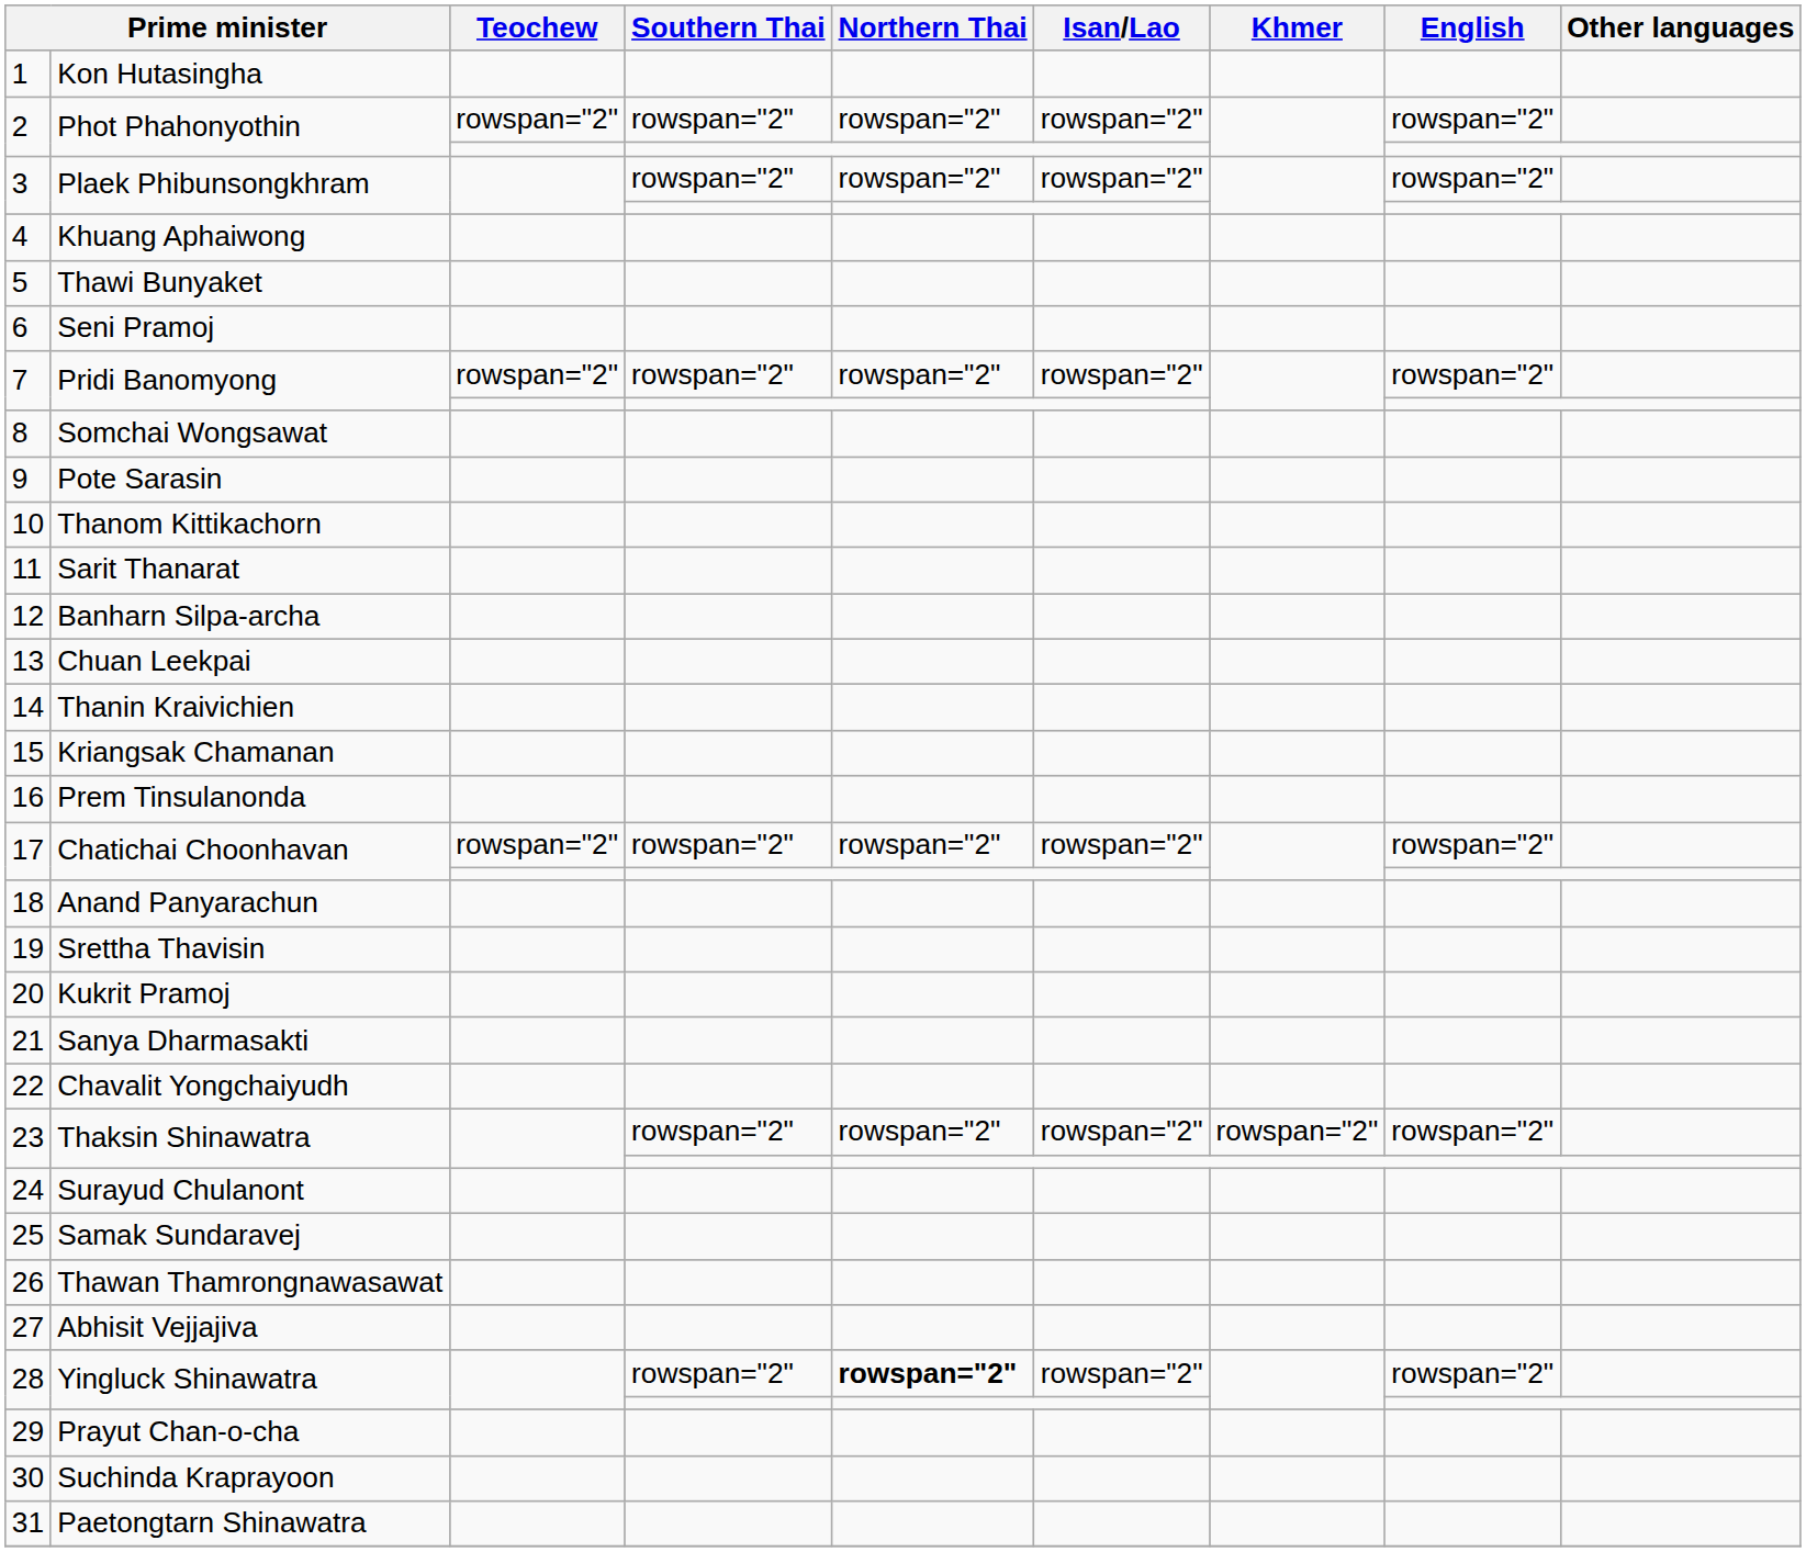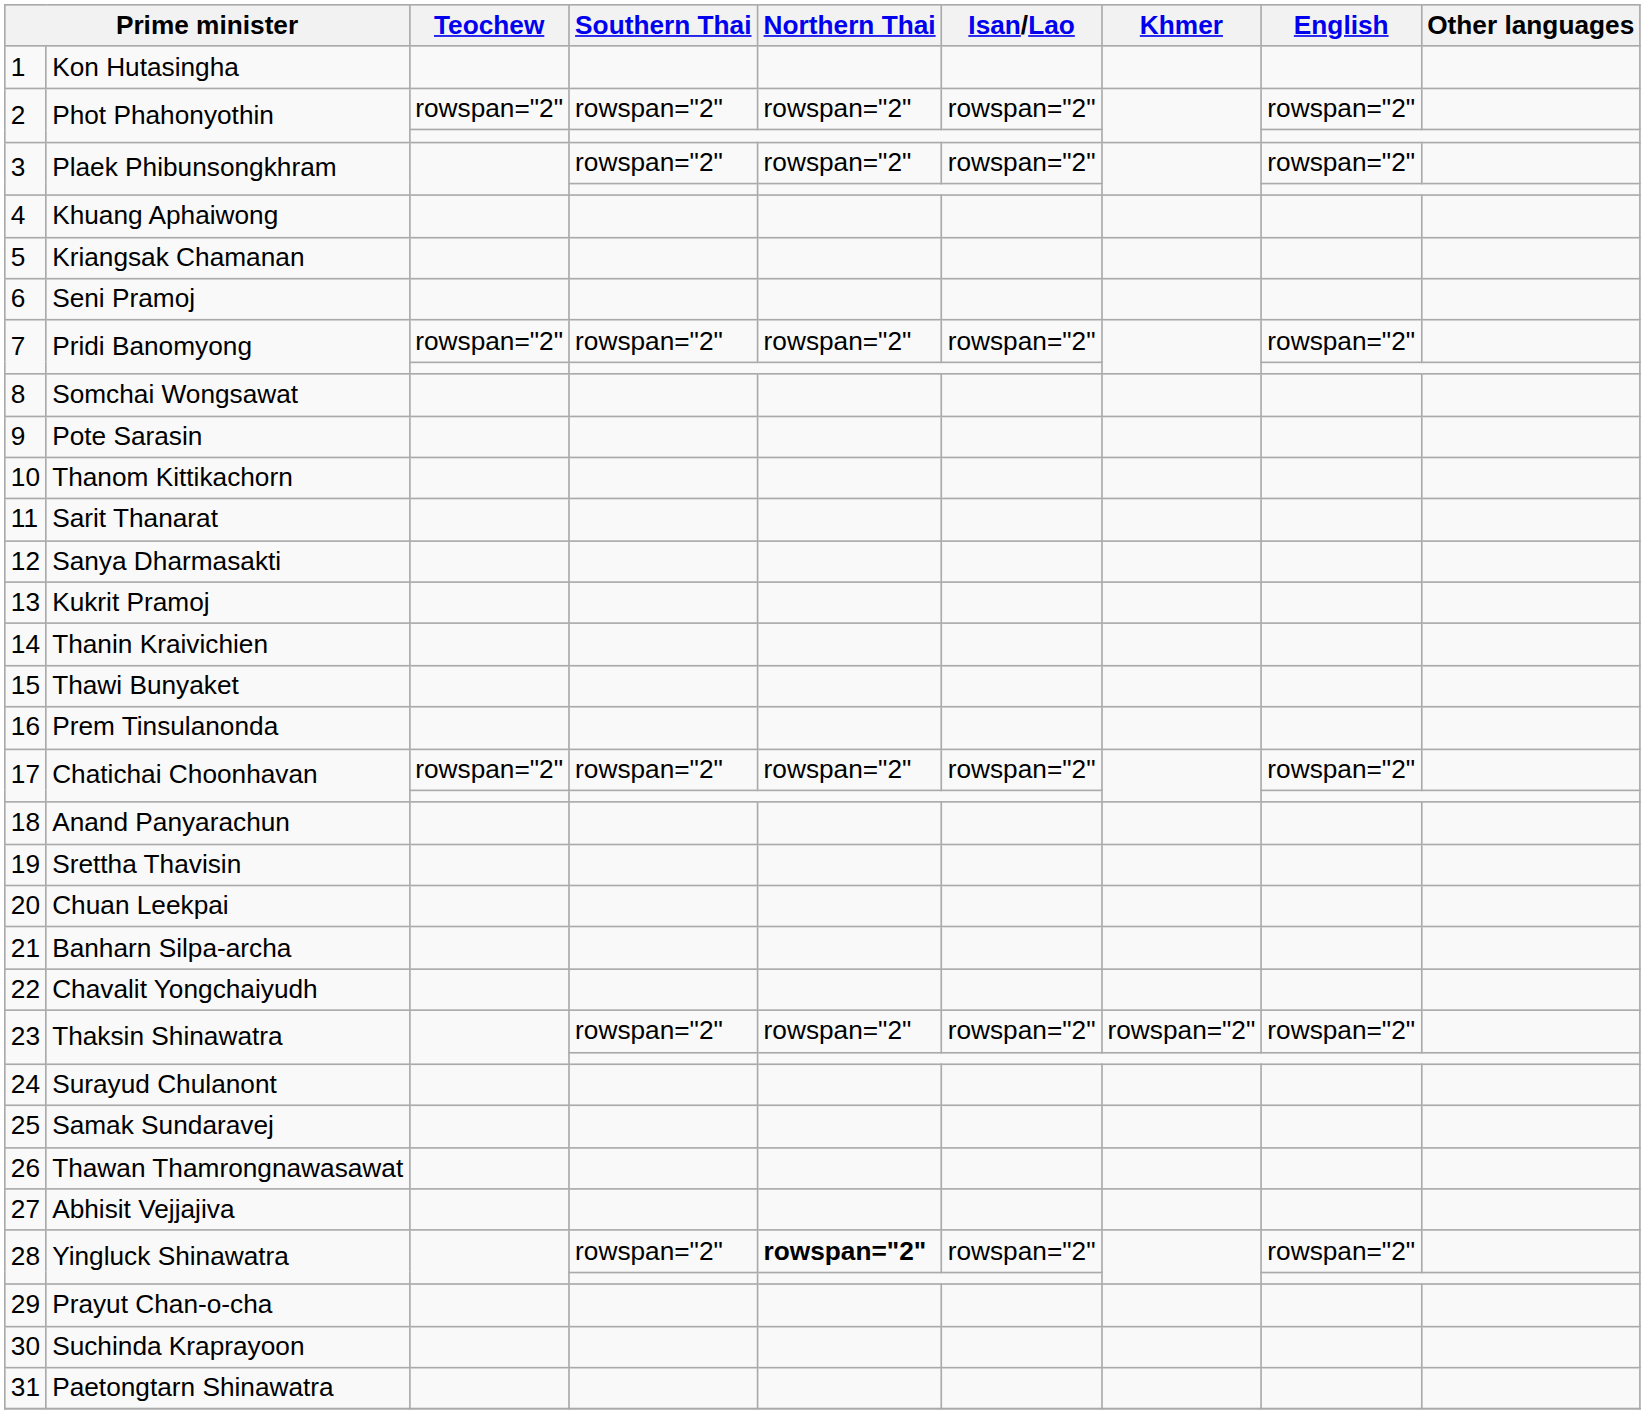 <table class="wikitable sortable">
 <tr>
 <th colspan=2>Prime minister</th>
 <th><a href='#'>Teochew</a></th>
 <th><a href='#'>Southern Thai</a></th>
 <th><a href='#'>Northern Thai</a></th>
 <th><a href='#'>Isan</a>/<a href='#'>Lao</a></th>
 <th><a href='#'>Khmer</a></th>
 <th><a href='#'>English</a></th>
 <th>Other languages</th>
 </tr>
 <tr>
 <td>1</td>
 <td>Kon Hutasingha</td>
 <td></td>
 <td></td>
 <td></td>
 <td></td>
 <td></td>
 <td></td>
 <td></td>
 </tr>
 <tr>
 <td rowspan="2">2</td>
 <td rowspan="2">Phot Phahonyothin</td>
 <td>rowspan="2" </td>
 <td>rowspan="2" </td>
 <td>rowspan="2" </td>
 <td>rowspan="2" </td>
 <td rowspan="2"></td>
 <td>rowspan="2" </td>
 <td></td>
 </tr>
 <tr>
 <td></td>
 </tr>
 <tr>
 <td rowspan="2">3</td>
 <td rowspan="2">Plaek Phibunsongkhram</td>
 <td rowspan="2"></td>
 <td>rowspan="2" </td>
 <td>rowspan="2" </td>
 <td>rowspan="2" </td>
 <td rowspan="2"></td>
 <td>rowspan="2" </td>
 <td></td>
 </tr>
 <tr>
 <td></td>
 </tr>
 <tr>
 <td>4</td>
 <td>Khuang Aphaiwong</td>
 <td></td>
 <td></td>
 <td></td>
 <td></td>
 <td></td>
 <td></td>
 <td></td>
 </tr>
 <tr>
 <td>5</td>
-<td>Thawi Bunyaket</td>
+<td>Kriangsak Chamanan</td>
 <td></td>
 <td></td>
 <td></td>
 <td></td>
 <td></td>
 <td></td>
 <td></td>
 </tr>
 <tr>
 <td>6</td>
 <td>Seni Pramoj</td>
 <td></td>
 <td></td>
 <td></td>
 <td></td>
 <td></td>
 <td></td>
 <td></td>
 </tr>
 <tr>
 <td rowspan="2">7</td>
 <td rowspan="2">Pridi Banomyong</td>
 <td>rowspan="2" </td>
 <td>rowspan="2" </td>
 <td>rowspan="2" </td>
 <td>rowspan="2" </td>
 <td rowspan="2"></td>
 <td>rowspan="2" </td>
 <td></td>
 </tr>
 <tr>
 <td></td>
 </tr>
 <tr>
 <td>8</td>
 <td>Somchai Wongsawat</td>
 <td></td>
 <td></td>
 <td></td>
 <td></td>
 <td></td>
 <td></td>
 <td></td>
 </tr>
 <tr>
 <td>9</td>
 <td>Pote Sarasin</td>
 <td></td>
 <td></td>
 <td></td>
 <td></td>
 <td></td>
 <td></td>
 <td></td>
 </tr>
 <tr>
 <td>10</td>
 <td>Thanom Kittikachorn</td>
 <td></td>
 <td></td>
 <td></td>
 <td></td>
 <td></td>
 <td></td>
 <td></td>
 </tr>
 <tr>
 <td>11</td>
 <td>Sarit Thanarat</td>
 <td></td>
 <td></td>
 <td></td>
 <td></td>
 <td></td>
 <td></td>
 <td></td>
 </tr>
 <tr>
 <td>12</td>
-<td>Banharn Silpa-archa</td>
+<td>Sanya Dharmasakti</td>
 <td></td>
 <td></td>
 <td></td>
 <td></td>
 <td></td>
 <td></td>
 <td></td>
 </tr>
 <tr>
 <td>13</td>
-<td>Chuan Leekpai</td>
+<td>Kukrit Pramoj</td>
 <td></td>
 <td></td>
 <td></td>
 <td></td>
 <td></td>
 <td></td>
 <td></td>
 </tr>
 <tr>
 <td>14</td>
 <td>Thanin Kraivichien</td>
 <td></td>
 <td></td>
 <td></td>
 <td></td>
 <td></td>
 <td></td>
 <td></td>
 </tr>
 <tr>
 <td>15</td>
-<td>Kriangsak Chamanan</td>
+<td>Thawi Bunyaket</td>
 <td></td>
 <td></td>
 <td></td>
 <td></td>
 <td></td>
 <td></td>
 <td></td>
 </tr>
 <tr>
 <td>16</td>
 <td>Prem Tinsulanonda</td>
 <td></td>
 <td></td>
 <td></td>
 <td></td>
 <td></td>
 <td></td>
 <td></td>
 </tr>
 <tr>
 <td rowspan="2">17</td>
 <td rowspan="2">Chatichai Choonhavan</td>
 <td>rowspan="2" </td>
 <td>rowspan="2" </td>
 <td>rowspan="2" </td>
 <td>rowspan="2" </td>
 <td rowspan="2"></td>
 <td>rowspan="2" </td>
 <td></td>
 </tr>
 <tr>
 <td></td>
 </tr>
 <tr>
 <td>18</td>
 <td>Anand Panyarachun</td>
 <td></td>
 <td></td>
 <td></td>
 <td></td>
 <td></td>
 <td></td>
 <td></td>
 </tr>
 <tr>
 <td>19</td>
 <td>Srettha Thavisin</td>
 <td></td>
 <td></td>
 <td></td>
 <td></td>
 <td></td>
 <td></td>
 <td></td>
 </tr>
 <tr>
 <td>20</td>
-<td>Kukrit Pramoj</td>
+<td>Chuan Leekpai</td>
 <td></td>
 <td></td>
 <td></td>
 <td></td>
 <td></td>
 <td></td>
 <td></td>
 </tr>
 <tr>
 <td>21</td>
-<td>Sanya Dharmasakti</td>
+<td>Banharn Silpa-archa</td>
 <td></td>
 <td></td>
 <td></td>
 <td></td>
 <td></td>
 <td></td>
 <td></td>
 </tr>
 <tr>
 <td>22</td>
 <td>Chavalit Yongchaiyudh</td>
 <td></td>
 <td></td>
 <td></td>
 <td></td>
 <td></td>
 <td></td>
 <td></td>
 </tr>
 <tr>
 <td rowspan="2">23</td>
 <td rowspan="2">Thaksin Shinawatra</td>
 <td rowspan="2"></td>
 <td>rowspan="2" </td>
 <td>rowspan="2" </td>
 <td>rowspan="2" </td>
 <td>rowspan="2" </td>
 <td>rowspan="2" </td>
 <td></td>
 </tr>
 <tr>
 <td></td>
 </tr>
 <tr>
 <td>24</td>
 <td>Surayud Chulanont</td>
 <td></td>
 <td></td>
 <td></td>
 <td></td>
 <td></td>
 <td></td>
 <td></td>
 </tr>
 <tr>
 <td>25</td>
 <td>Samak Sundaravej</td>
 <td></td>
 <td></td>
 <td></td>
 <td></td>
 <td></td>
 <td></td>
 <td></td>
 </tr>
 <tr>
 <td>26</td>
 <td>Thawan Thamrongnawasawat</td>
 <td></td>
 <td></td>
 <td></td>
 <td></td>
 <td></td>
 <td></td>
 <td></td>
 </tr>
 <tr>
 <td>27</td>
 <td>Abhisit Vejjajiva</td>
 <td></td>
 <td></td>
 <td></td>
 <td></td>
 <td></td>
 <td></td>
 <td></td>
 </tr>
 <tr>
 <td rowspan="2">28</td>
 <td rowspan="2">Yingluck Shinawatra</td>
 <td rowspan="2"></td>
 <td>rowspan="2" </td>
 <td><strong>rowspan="2" </strong></td>
 <td>rowspan="2" </td>
 <td rowspan="2"></td>
 <td>rowspan="2" </td>
 <td></td>
 </tr>
 <tr>
 <td></td>
 </tr>
 <tr>
 <td>29</td>
 <td>Prayut Chan-o-cha</td>
 <td></td>
 <td></td>
 <td></td>
 <td></td>
 <td></td>
 <td></td>
 <td></td>
 </tr>
 <tr>
 <td>30</td>
 <td>Suchinda Kraprayoon</td>
 <td></td>
 <td></td>
 <td></td>
 <td></td>
 <td></td>
 <td></td>
 <td></td>
 </tr>
 <tr>
 <td>31</td>
 <td>Paetongtarn Shinawatra</td>
 <td></td>
 <td></td>
 <td></td>
 <td></td>
 <td></td>
 <td></td>
 <td></td>
 </tr>
 <tr>
 </tr>
 </table>
